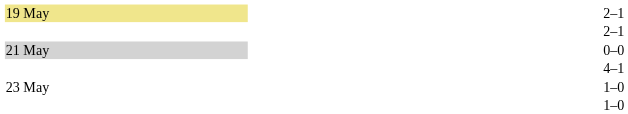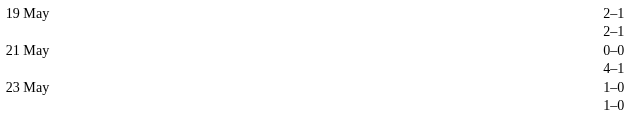 <table cellspacing=1 width=70%>
 <tr>
 <th width=25%></th>
 <th width=30%></th>
 <th width=15%></th>
 <th width=30%></th>
 </tr>
 <tr>
-<td style="background: khaki;">19 May</td>
+<td>19 May</td>
 <td align=right></td>
 <td align=center>2–1</td>
 <td></td>
 </tr>
 <tr>
 <td></td>
 <td align=right></td>
 <td align=center>2–1</td>
 <td></td>
 </tr>
 <tr>
-<td style="background: lightgrey;">21 May</td>
+<td>21 May</td>
 <td align=right></td>
 <td align=center>0–0</td>
 <td></td>
 </tr>
 <tr>
 <td></td>
 <td align=right></td>
 <td align=center>4–1</td>
 <td></td>
 </tr>
 <tr>
 <td>23 May</td>
 <td align=right></td>
 <td align=center>1–0</td>
 <td></td>
 </tr>
 <tr>
 <td></td>
 <td align=right></td>
 <td align=center>1–0</td>
 <td></td>
 </tr>
 </table>
